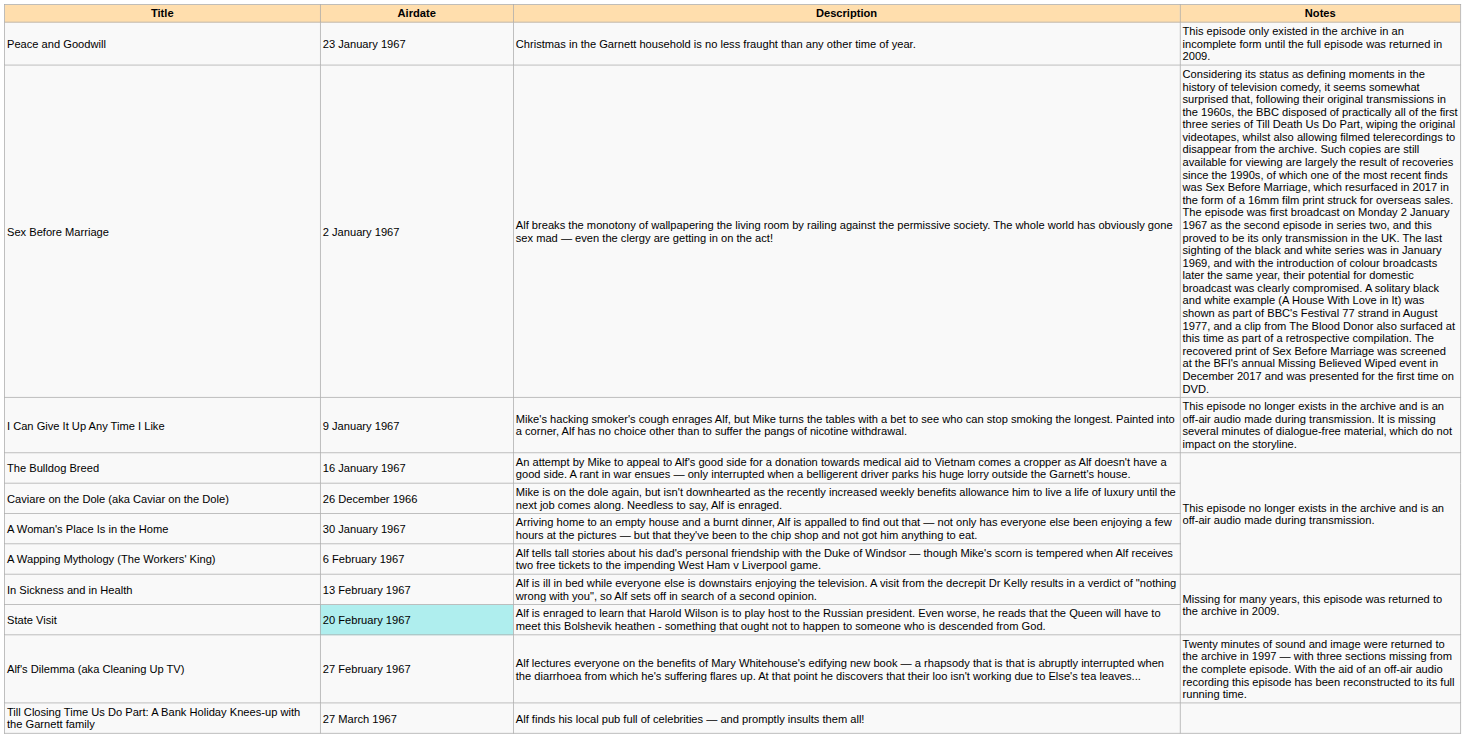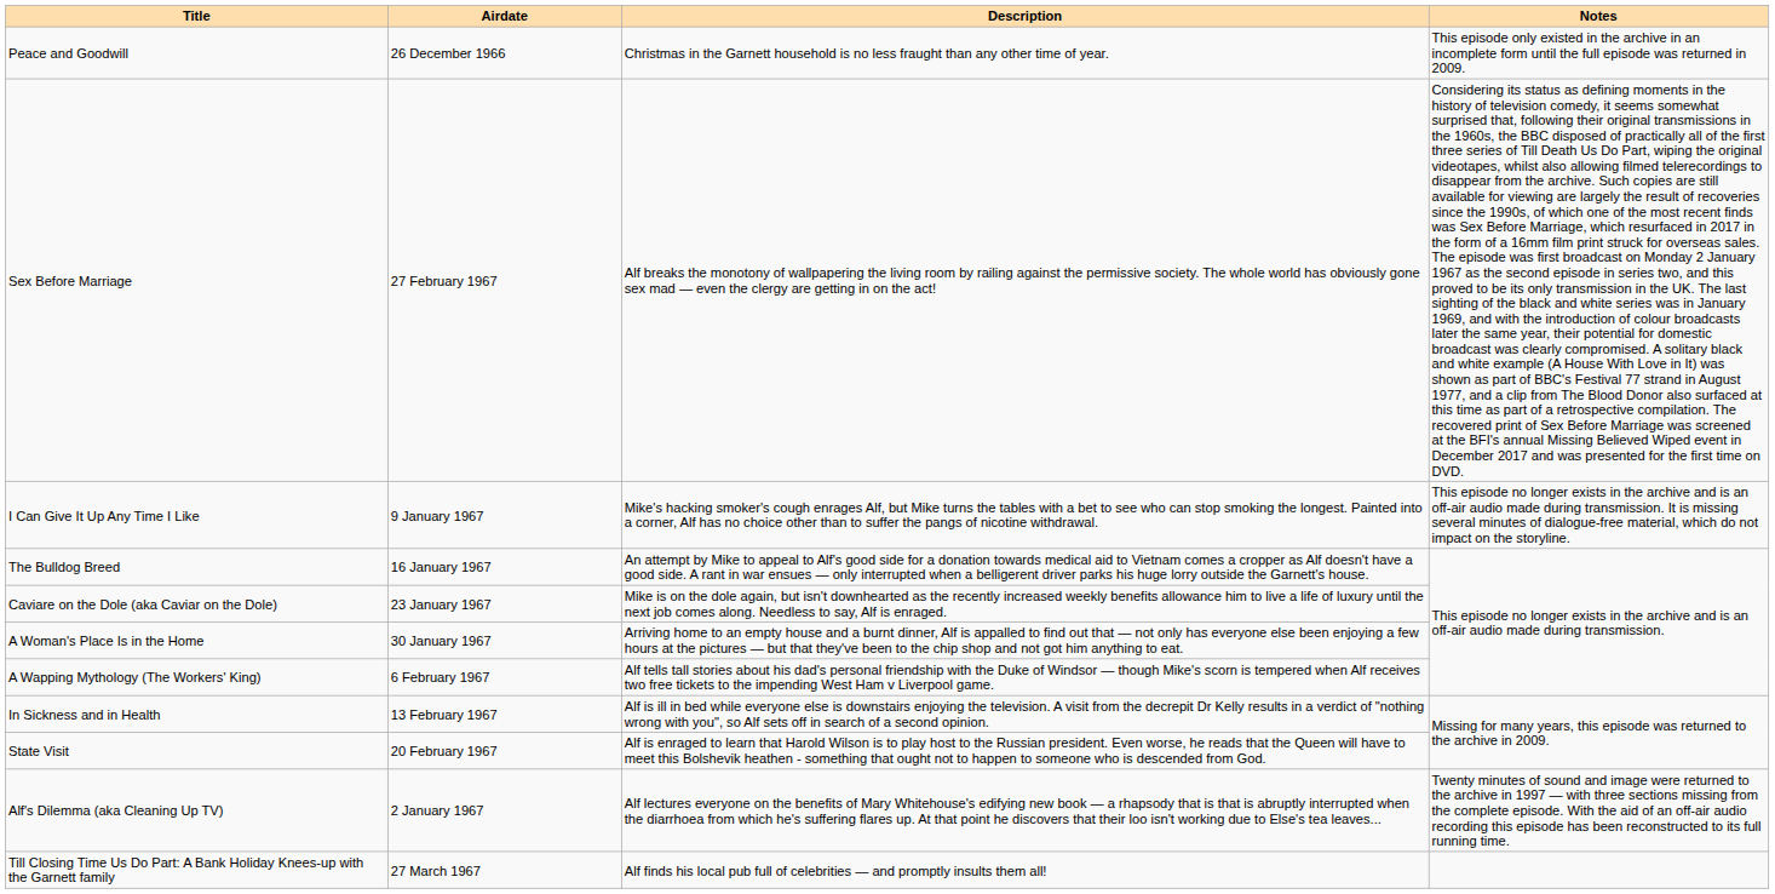 <table class="wikitable" border=1 style="font-size: 94%">
 <tr>
 <th style="background:#ffdead" width=18%>Title</th>
 <th style="background:#ffdead" width=11%>Airdate</th>
 <th style="background:#ffdead" width=38%>Description</th>
 <th style="background:#ffdead" width=16%>Notes</th>
 </tr>
 <tr>
 <td>Peace and Goodwill</td>
-<td>23 January 1967</td>
+<td>26 December 1966</td>
 <td>Christmas in the Garnett household is no less fraught than any other time of year.</td>
 <td>This episode only existed in the archive in an incomplete form until the full episode was returned in 2009.</td>
 </tr>
 <tr>
 <td>Sex Before Marriage</td>
-<td>2 January 1967</td>
+<td>27 February 1967</td>
 <td>Alf breaks the monotony of wallpapering the living room by railing against the permissive society. The whole world has obviously gone sex mad — even the clergy are getting in on the act!</td>
 <td>Considering its status as defining moments in the history of television comedy, it seems somewhat surprised that, following their original transmissions in the 1960s, the BBC disposed of practically all of the first three series of Till Death Us Do Part, wiping the original videotapes, whilst also allowing filmed telerecordings to disappear from the archive. Such copies are still available for viewing are largely the result of recoveries since the 1990s, of which one of the most recent finds was Sex Before Marriage, which resurfaced in 2017 in the form of a 16mm film print struck for overseas sales. The episode was first broadcast on Monday 2 January 1967 as the second episode in series two, and this proved to be its only transmission in the UK. The last sighting of the black and white series was in January 1969, and with the introduction of colour broadcasts later the same year, their potential for domestic broadcast was clearly compromised. A solitary black and white example (A House With Love in It) was shown as part of BBC's Festival 77 strand in August 1977, and a clip from The Blood Donor also surfaced at this time as part of a retrospective compilation. The recovered print of Sex Before Marriage was screened at the BFI's annual Missing Believed Wiped event in December 2017 and was presented for the first time on DVD.</td>
 </tr>
 <tr>
 <td>I Can Give It Up Any Time I Like</td>
 <td>9 January 1967</td>
 <td>Mike's hacking smoker's cough enrages Alf, but Mike turns the tables with a bet to see who can stop smoking the longest. Painted into a corner, Alf has no choice other than to suffer the pangs of nicotine withdrawal.</td>
 <td>This episode no longer exists in the archive and is an off-air audio made during transmission. It is missing several minutes of dialogue-free material, which do not impact on the storyline.</td>
 </tr>
 <tr>
 <td>The Bulldog Breed</td>
 <td>16 January 1967</td>
 <td>An attempt by Mike to appeal to Alf's good side for a donation towards medical aid to Vietnam comes a cropper as Alf doesn't have a good side. A rant in war ensues — only interrupted when a belligerent driver parks his huge lorry  outside the Garnett's house.</td>
 <td rowspan="4">This episode no longer exists in the archive and is an off-air audio made during transmission.</td>
 </tr>
 <tr>
 <td>Caviare on the Dole (aka Caviar on the Dole)</td>
-<td>26 December 1966</td>
+<td>23 January 1967</td>
 <td>Mike is on the dole again, but isn't downhearted as the recently increased weekly benefits allowance him to live a life of luxury until the next job comes along. Needless to say, Alf is enraged.</td>
 </tr>
 <tr>
 <td>A Woman's Place Is in the Home</td>
 <td>30 January 1967</td>
 <td>Arriving home to an empty house and a burnt dinner, Alf is appalled to find out that — not only has everyone else been enjoying a few hours at the pictures — but that they've been to the chip shop and not got him anything to eat.</td>
 </tr>
 <tr>
 <td>A Wapping Mythology (The Workers' King)</td>
 <td>6 February 1967</td>
 <td>Alf tells tall stories about his dad's personal friendship with the Duke of Windsor — though Mike's scorn is tempered when Alf receives two free tickets to the impending West Ham v Liverpool game.</td>
 </tr>
 <tr>
 <td>In Sickness and in Health</td>
 <td>13 February 1967</td>
 <td>Alf is ill in bed while everyone else is downstairs enjoying the television. A visit from the decrepit Dr Kelly results in a verdict of "nothing wrong with you", so Alf sets off in search of a second opinion.</td>
 <td rowspan="2">Missing for many years, this episode was returned to the archive in 2009.</td>
 </tr>
 <tr>
 <td>State Visit</td>
-<td style="background: paleturquoise;">20 February 1967</td>
+<td>20 February 1967</td>
 <td>Alf is enraged to learn that Harold Wilson is to play host to the Russian president. Even worse, he reads that the Queen will have to meet this Bolshevik heathen - something that ought not to happen to someone who is descended from God.</td>
 </tr>
 <tr>
 <td>Alf's Dilemma (aka Cleaning Up TV)</td>
-<td>27 February 1967</td>
+<td>2 January 1967</td>
 <td>Alf lectures everyone on the benefits of Mary Whitehouse's edifying new book — a rhapsody that is that is abruptly interrupted when the diarrhoea from which he's suffering flares up. At that point he discovers that their loo isn't working due to Else's tea leaves...</td>
 <td>Twenty minutes of sound and image were returned to the archive in 1997 — with three sections missing from the complete episode. With the aid of an off-air audio recording this episode has been reconstructed to its full running time.</td>
 </tr>
 <tr>
 <td>Till Closing Time Us Do Part: A Bank Holiday Knees-up with the Garnett family</td>
 <td>27 March 1967</td>
 <td>Alf finds his local pub full of celebrities — and promptly insults them all!</td>
 <td></td>
 </tr>
 </table>
